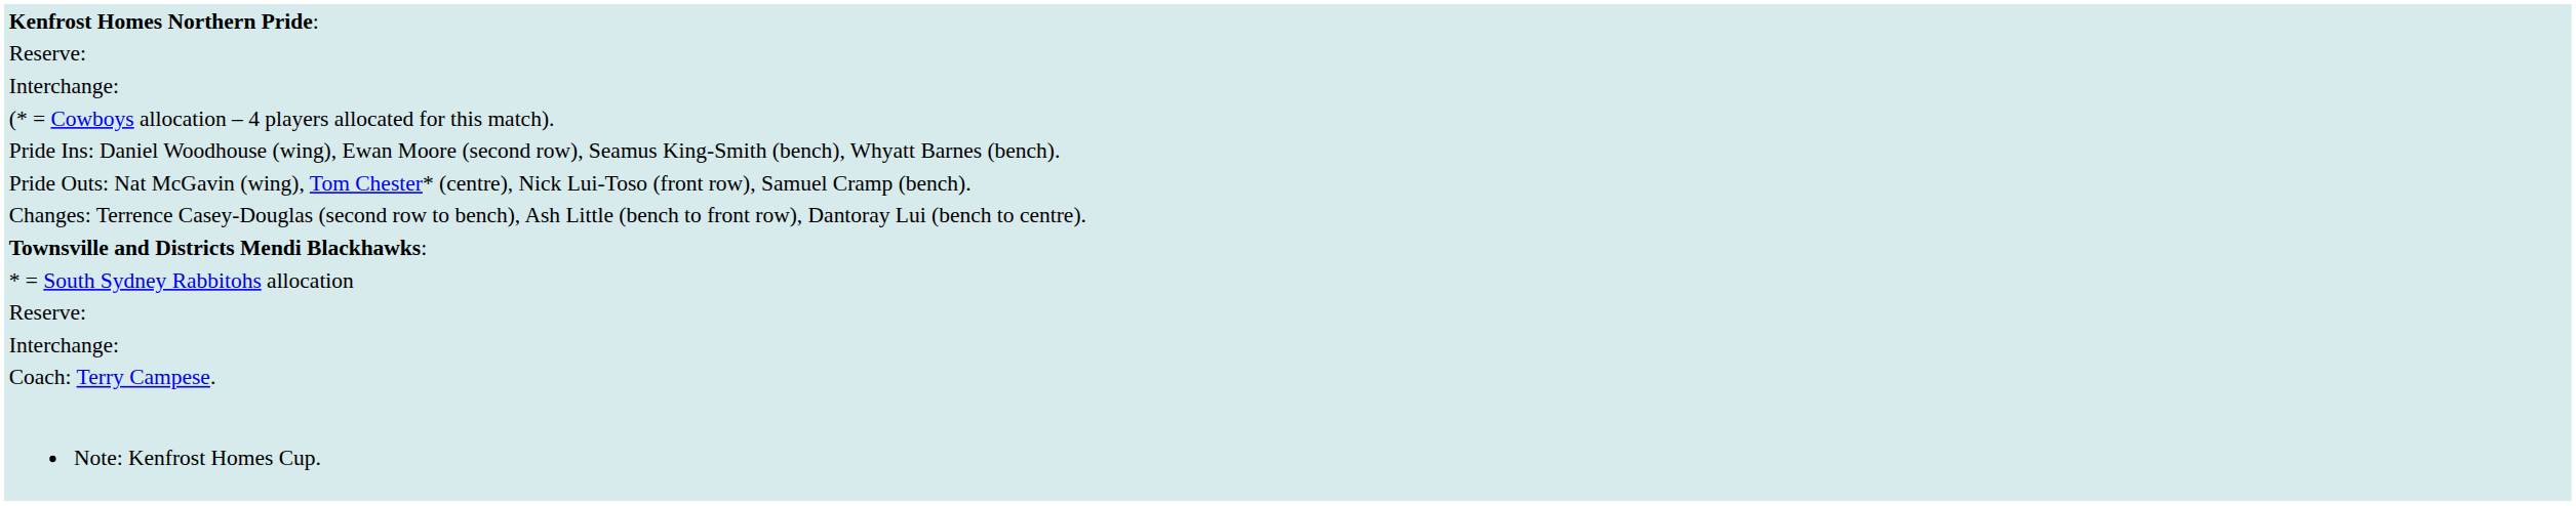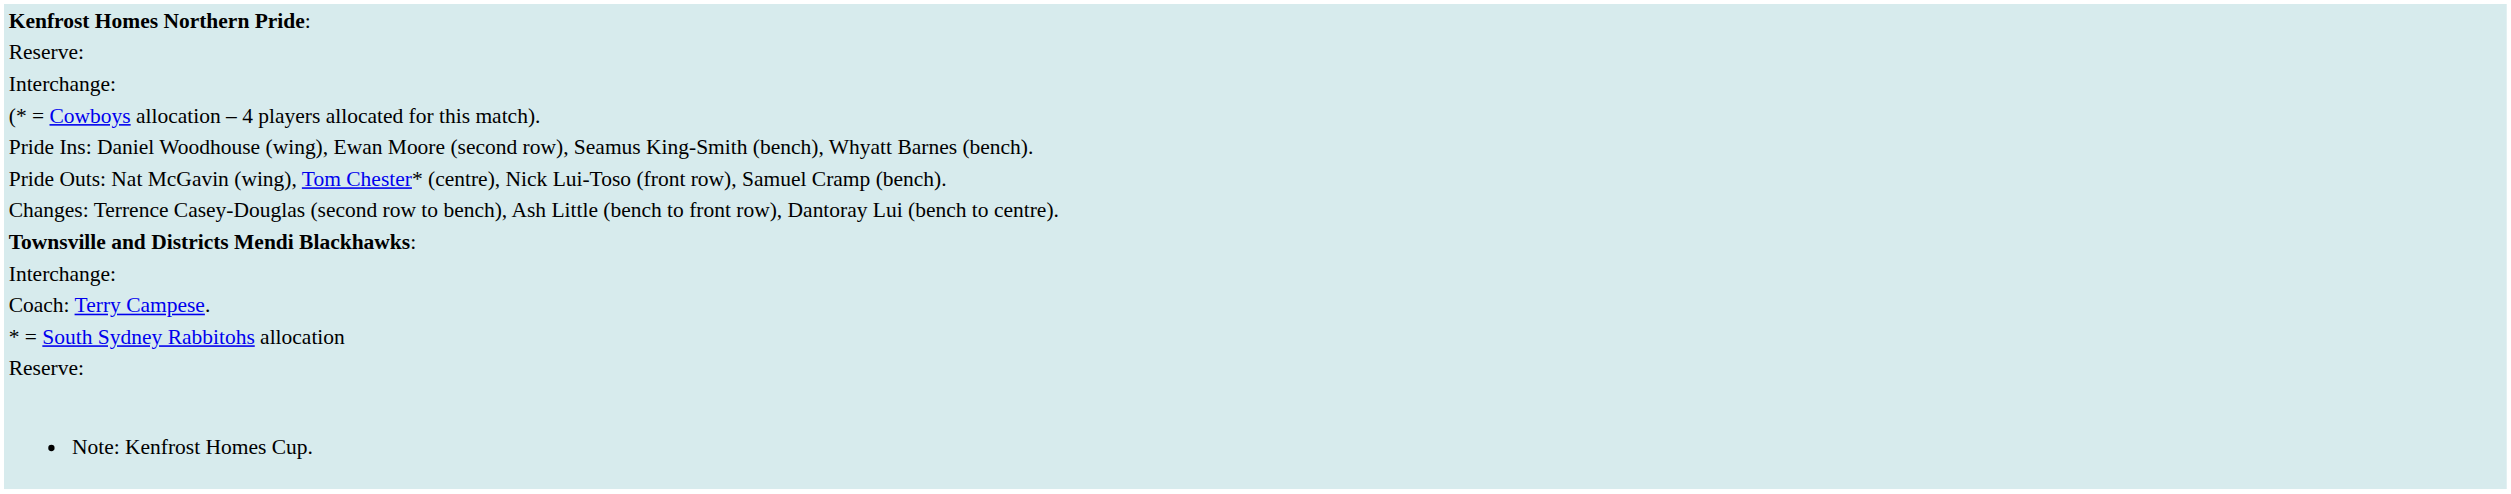 <table style="background:#d7ebed; font-size:85%; width:100%;">
 <tr>
 <td><strong>Kenfrost Homes Northern Pride</strong>:             </td>
 </tr>
 <tr>
 <td>Reserve: </td>
 </tr>
 <tr>
 <td>Interchange:    </td>
 </tr>
 <tr>
 <td>(* = <a href='#'>Cowboys</a> allocation – 4 players allocated for this match).</td>
 </tr>
 <tr>
 <td>Pride Ins: Daniel Woodhouse (wing), Ewan Moore (second row), Seamus King-Smith (bench), Whyatt Barnes (bench).</td>
 </tr>
 <tr>
 <td>Pride Outs: Nat McGavin (wing), <a href='#'>Tom Chester</a>* (centre), Nick Lui-Toso (front row), Samuel Cramp (bench).</td>
 </tr>
 <tr>
 <td>Changes: Terrence Casey-Douglas (second row to bench), Ash Little (bench to front row), Dantoray Lui (bench to centre).</td>
 </tr>
 <tr>
 <td><strong>Townsville and Districts Mendi Blackhawks</strong>:             </td>
 </tr>
 <tr>
+<td>Interchange:    </td>
+</tr>
+<tr>
+<td>Coach: <a href='#'>Terry Campese</a>.</td>
+</tr>
+<tr>
 <td>* = <a href='#'>South Sydney Rabbitohs</a> allocation</td>
 </tr>
 <tr>
 <td>Reserve: </td>
-</tr>
-<tr>
-<td>Interchange:    </td>
-</tr>
-<tr>
-<td>Coach: <a href='#'>Terry Campese</a>.</td>
 </tr>
 <tr>
 <td><br><ul><li>Note: Kenfrost Homes Cup.</li></ul></td>
 </tr>
 <tr>
 </tr>
 </table>
